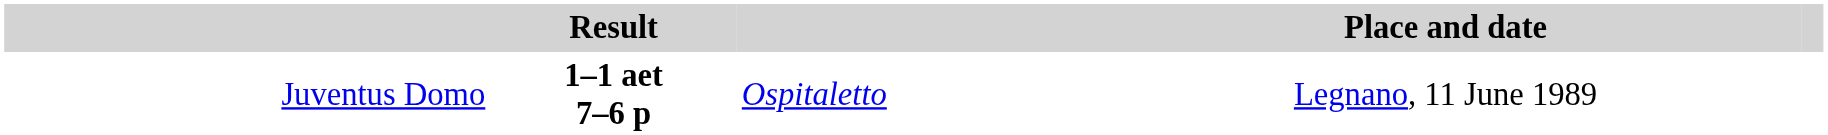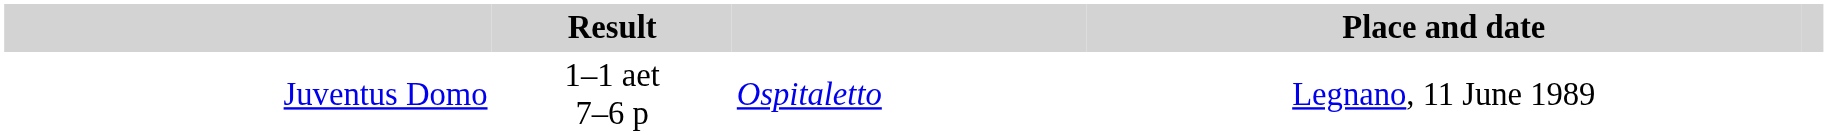 <table align=center style="font-size: 85%; border-collapse:collapse" border=0 cellspacing=0 cellpadding=2 width=60%>
 <tr bgcolor="D3D3D3">
 <th align=right></th>
 <th>Result</th>
 <th align=left></th>
 <th>Place and date</th>
 <th></th>
 </tr>
 <tr>
 <td align=right><a href='#'>Juventus Domo</a></td>
-<td align=center><strong>1–1 aet <br> 7–6 p</strong></td>
+<td align=center>1–1 aet <br> 7–6 p</td>
 <td><em><a href='#'>Ospitaletto</a></em></td>
 <td align=center><a href='#'>Legnano</a>, 11 June 1989</td>
 </tr>
 </table>
